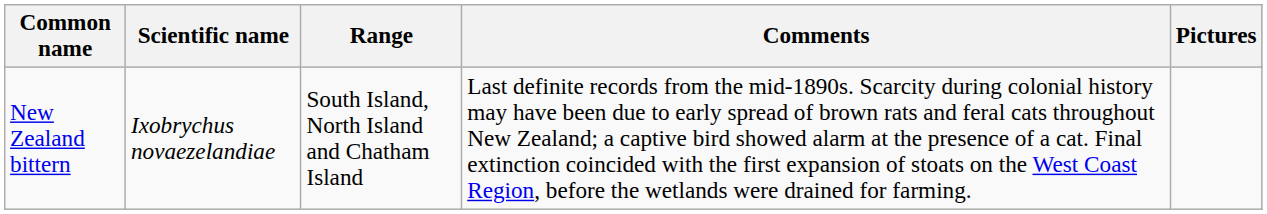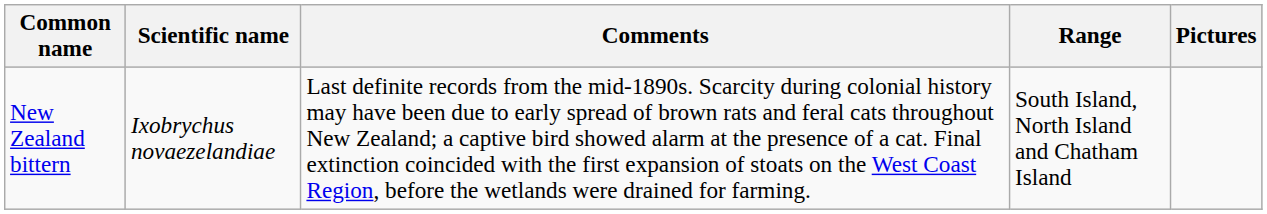 <table class="wikitable">
 <tr>
 <th>Common name</th>
 <th>Scientific name</th>
+<th class="unsortable">Comments</th>
 <th>Range</th>
-<th class="unsortable">Comments</th>
 <th class="unsortable">Pictures</th>
 </tr>
 <tr>
 <td><a href='#'>New Zealand bittern</a></td>
 <td><em>Ixobrychus novaezelandiae</em></td>
+<td>Last definite records from the mid-1890s. Scarcity during colonial history may have been due to early spread of brown rats and feral cats throughout New Zealand; a captive bird showed alarm at the presence of a cat. Final extinction coincided with the first expansion of stoats on the <a href='#'>West Coast Region</a>, before the wetlands were drained for farming.</td>
 <td>South Island, North Island and Chatham Island</td>
-<td>Last definite records from the mid-1890s. Scarcity during colonial history may have been due to early spread of brown rats and feral cats throughout New Zealand; a captive bird showed alarm at the presence of a cat. Final extinction coincided with the first expansion of stoats on the <a href='#'>West Coast Region</a>, before the wetlands were drained for farming.</td>
 <td></td>
 </tr>
 </table>
